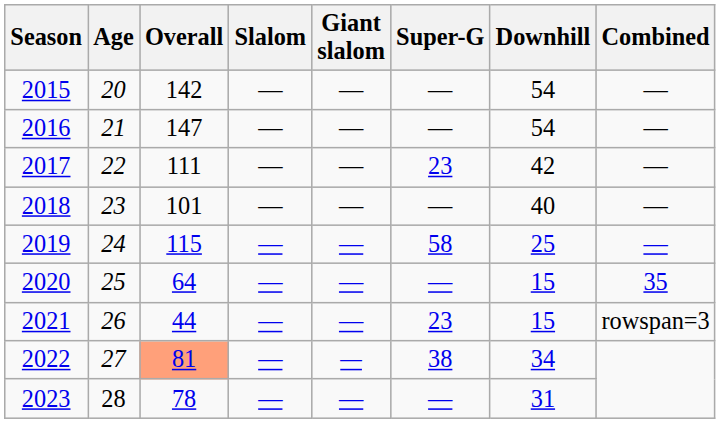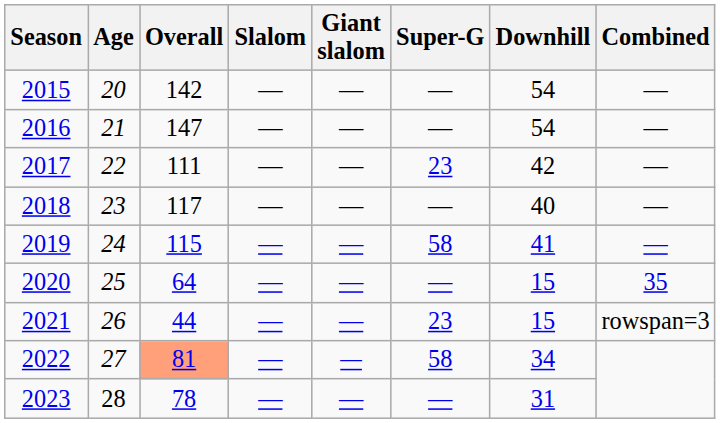 <table class=wikitable style="text-align:center">
 <tr>
 <th>Season</th>
 <th>Age</th>
 <th>Overall</th>
 <th>Slalom</th>
 <th>Giant<br>slalom</th>
 <th>Super-G</th>
 <th>Downhill</th>
 <th>Combined</th>
 </tr>
 <tr>
 <td><a href='#'>2015</a></td>
 <td><em>20</em></td>
 <td>142</td>
 <td>—</td>
 <td>—</td>
 <td>—</td>
 <td>54</td>
 <td>—</td>
 </tr>
 <tr>
 <td><a href='#'>2016</a></td>
 <td><em>21</em></td>
 <td>147</td>
 <td>—</td>
 <td>—</td>
 <td>—</td>
 <td>54</td>
 <td>—</td>
 </tr>
 <tr>
 <td><a href='#'>2017</a></td>
 <td><em>22</em></td>
 <td>111</td>
 <td>—</td>
 <td>—</td>
 <td><a href='#'>23</a></td>
 <td>42</td>
 <td>—</td>
 </tr>
 <tr>
 <td><a href='#'>2018</a></td>
 <td><em>23</em></td>
-<td>101</td>
+<td>117</td>
 <td>—</td>
 <td>—</td>
 <td>—</td>
 <td>40</td>
 <td>—</td>
 </tr>
 <tr>
 <td><a href='#'>2019</a></td>
 <td><em>24</em></td>
 <td><a href='#'>115</a></td>
 <td><a href='#'>—</a></td>
 <td><a href='#'>—</a></td>
 <td><a href='#'>58</a></td>
-<td><a href='#'>25</a></td>
+<td><a href='#'>41</a></td>
 <td><a href='#'>—</a></td>
 </tr>
 <tr>
 <td><a href='#'>2020</a></td>
 <td><em>25</em></td>
 <td><a href='#'>64</a></td>
 <td><a href='#'>—</a></td>
 <td><a href='#'>—</a></td>
 <td><a href='#'>—</a></td>
 <td><a href='#'>15</a></td>
 <td><a href='#'>35</a></td>
 </tr>
 <tr>
 <td><a href='#'>2021</a></td>
 <td><em>26</em></td>
 <td><a href='#'>44</a></td>
 <td><a href='#'>—</a></td>
 <td><a href='#'>—</a></td>
 <td><a href='#'>23</a></td>
 <td><a href='#'>15</a></td>
 <td>rowspan=3 </td>
 </tr>
 <tr>
 <td><a href='#'>2022</a></td>
 <td><em>27</em></td>
 <td style="background: lightsalmon;"><a href='#'>81</a></td>
 <td><a href='#'>—</a></td>
 <td><em><a href='#'>—</a></td>
-<td><a href='#'>38</a></td>
+<td><a href='#'>58</a></td>
 <td><a href='#'>34</a></td>
 </tr>
 <tr>
 <td><a href='#'>2023</a></td>
 <td></em>28<em></td>
 <td></em><a href='#'>78</a><em></td>
 <td><a href='#'>—</a></td>
 <td><a href='#'>—</a></td>
 <td></em><a href='#'>—</a><em></td>
 <td></em><a href='#'>31</a><em></td>
 </tr>
 </table>
